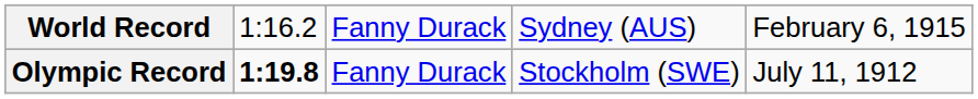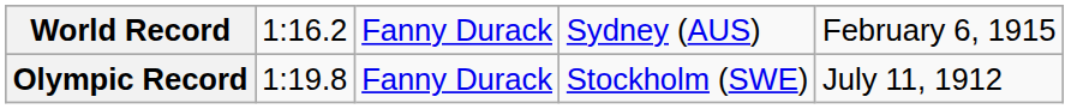 <table class="wikitable" style="font-size:95%;">
 <tr>
 <th>World Record</th>
 <td>1:16.2</td>
 <td> <a href='#'>Fanny Durack</a></td>
 <td><a href='#'>Sydney</a> (<a href='#'>AUS</a>)</td>
 <td>February 6, 1915</td>
 </tr>
 <tr>
 <th>Olympic Record</th>
-<td><strong>1:19.8</strong></td>
+<td>1:19.8</td>
 <td> <a href='#'>Fanny Durack</a></td>
 <td><a href='#'>Stockholm</a> (<a href='#'>SWE</a>)</td>
 <td>July 11, 1912</td>
 </tr>
 </table>
